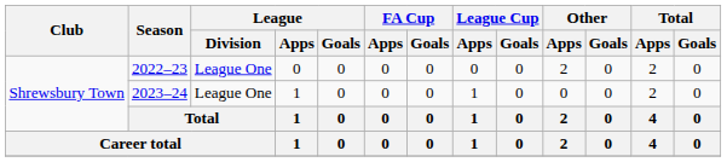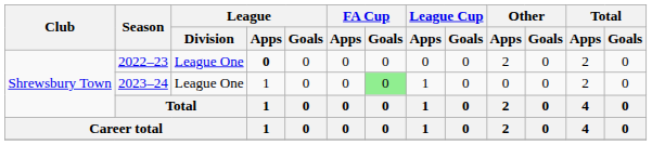 <table class="wikitable" style="text-align: center">
 <tr>
 <th rowspan="2">Club</th>
 <th rowspan="2">Season</th>
 <th colspan="3">League</th>
 <th colspan="2"><a href='#'>FA Cup</a></th>
 <th colspan="2"><a href='#'>League Cup</a></th>
 <th colspan="2">Other</th>
 <th colspan="2">Total</th>
 </tr>
 <tr>
 <th>Division</th>
 <th>Apps</th>
 <th>Goals</th>
 <th>Apps</th>
 <th>Goals</th>
 <th>Apps</th>
 <th>Goals</th>
 <th>Apps</th>
 <th>Goals</th>
 <th>Apps</th>
 <th>Goals</th>
 </tr>
 <tr>
 <td rowspan="3"><a href='#'>Shrewsbury Town</a></td>
 <td><a href='#'>2022–23</a></td>
 <td><a href='#'>League One</a></td>
-<td>0</td>
+<td><strong>0</strong></td>
 <td>0</td>
 <td>0</td>
 <td>0</td>
 <td>0</td>
 <td>0</td>
 <td>2</td>
 <td>0</td>
 <td>2</td>
 <td>0</td>
 </tr>
 <tr>
 <td><a href='#'>2023–24</a></td>
 <td>League One</td>
 <td>1</td>
 <td>0</td>
 <td>0</td>
-<td>0</td>
+<td style="background: lightgreen;">0</td>
 <td>1</td>
 <td>0</td>
 <td>0</td>
 <td>0</td>
 <td>2</td>
 <td>0</td>
 </tr>
 <tr>
 <th colspan="2">Total</th>
 <th>1</th>
 <th>0</th>
 <th>0</th>
 <th>0</th>
 <th>1</th>
 <th>0</th>
 <th>2</th>
 <th>0</th>
 <th>4</th>
 <th>0</th>
 </tr>
 <tr>
 <th colspan="3">Career total</th>
 <th>1</th>
 <th>0</th>
 <th>0</th>
 <th>0</th>
 <th>1</th>
 <th>0</th>
 <th>2</th>
 <th>0</th>
 <th>4</th>
 <th>0</th>
 </tr>
 <tr>
 </tr>
 </table>
